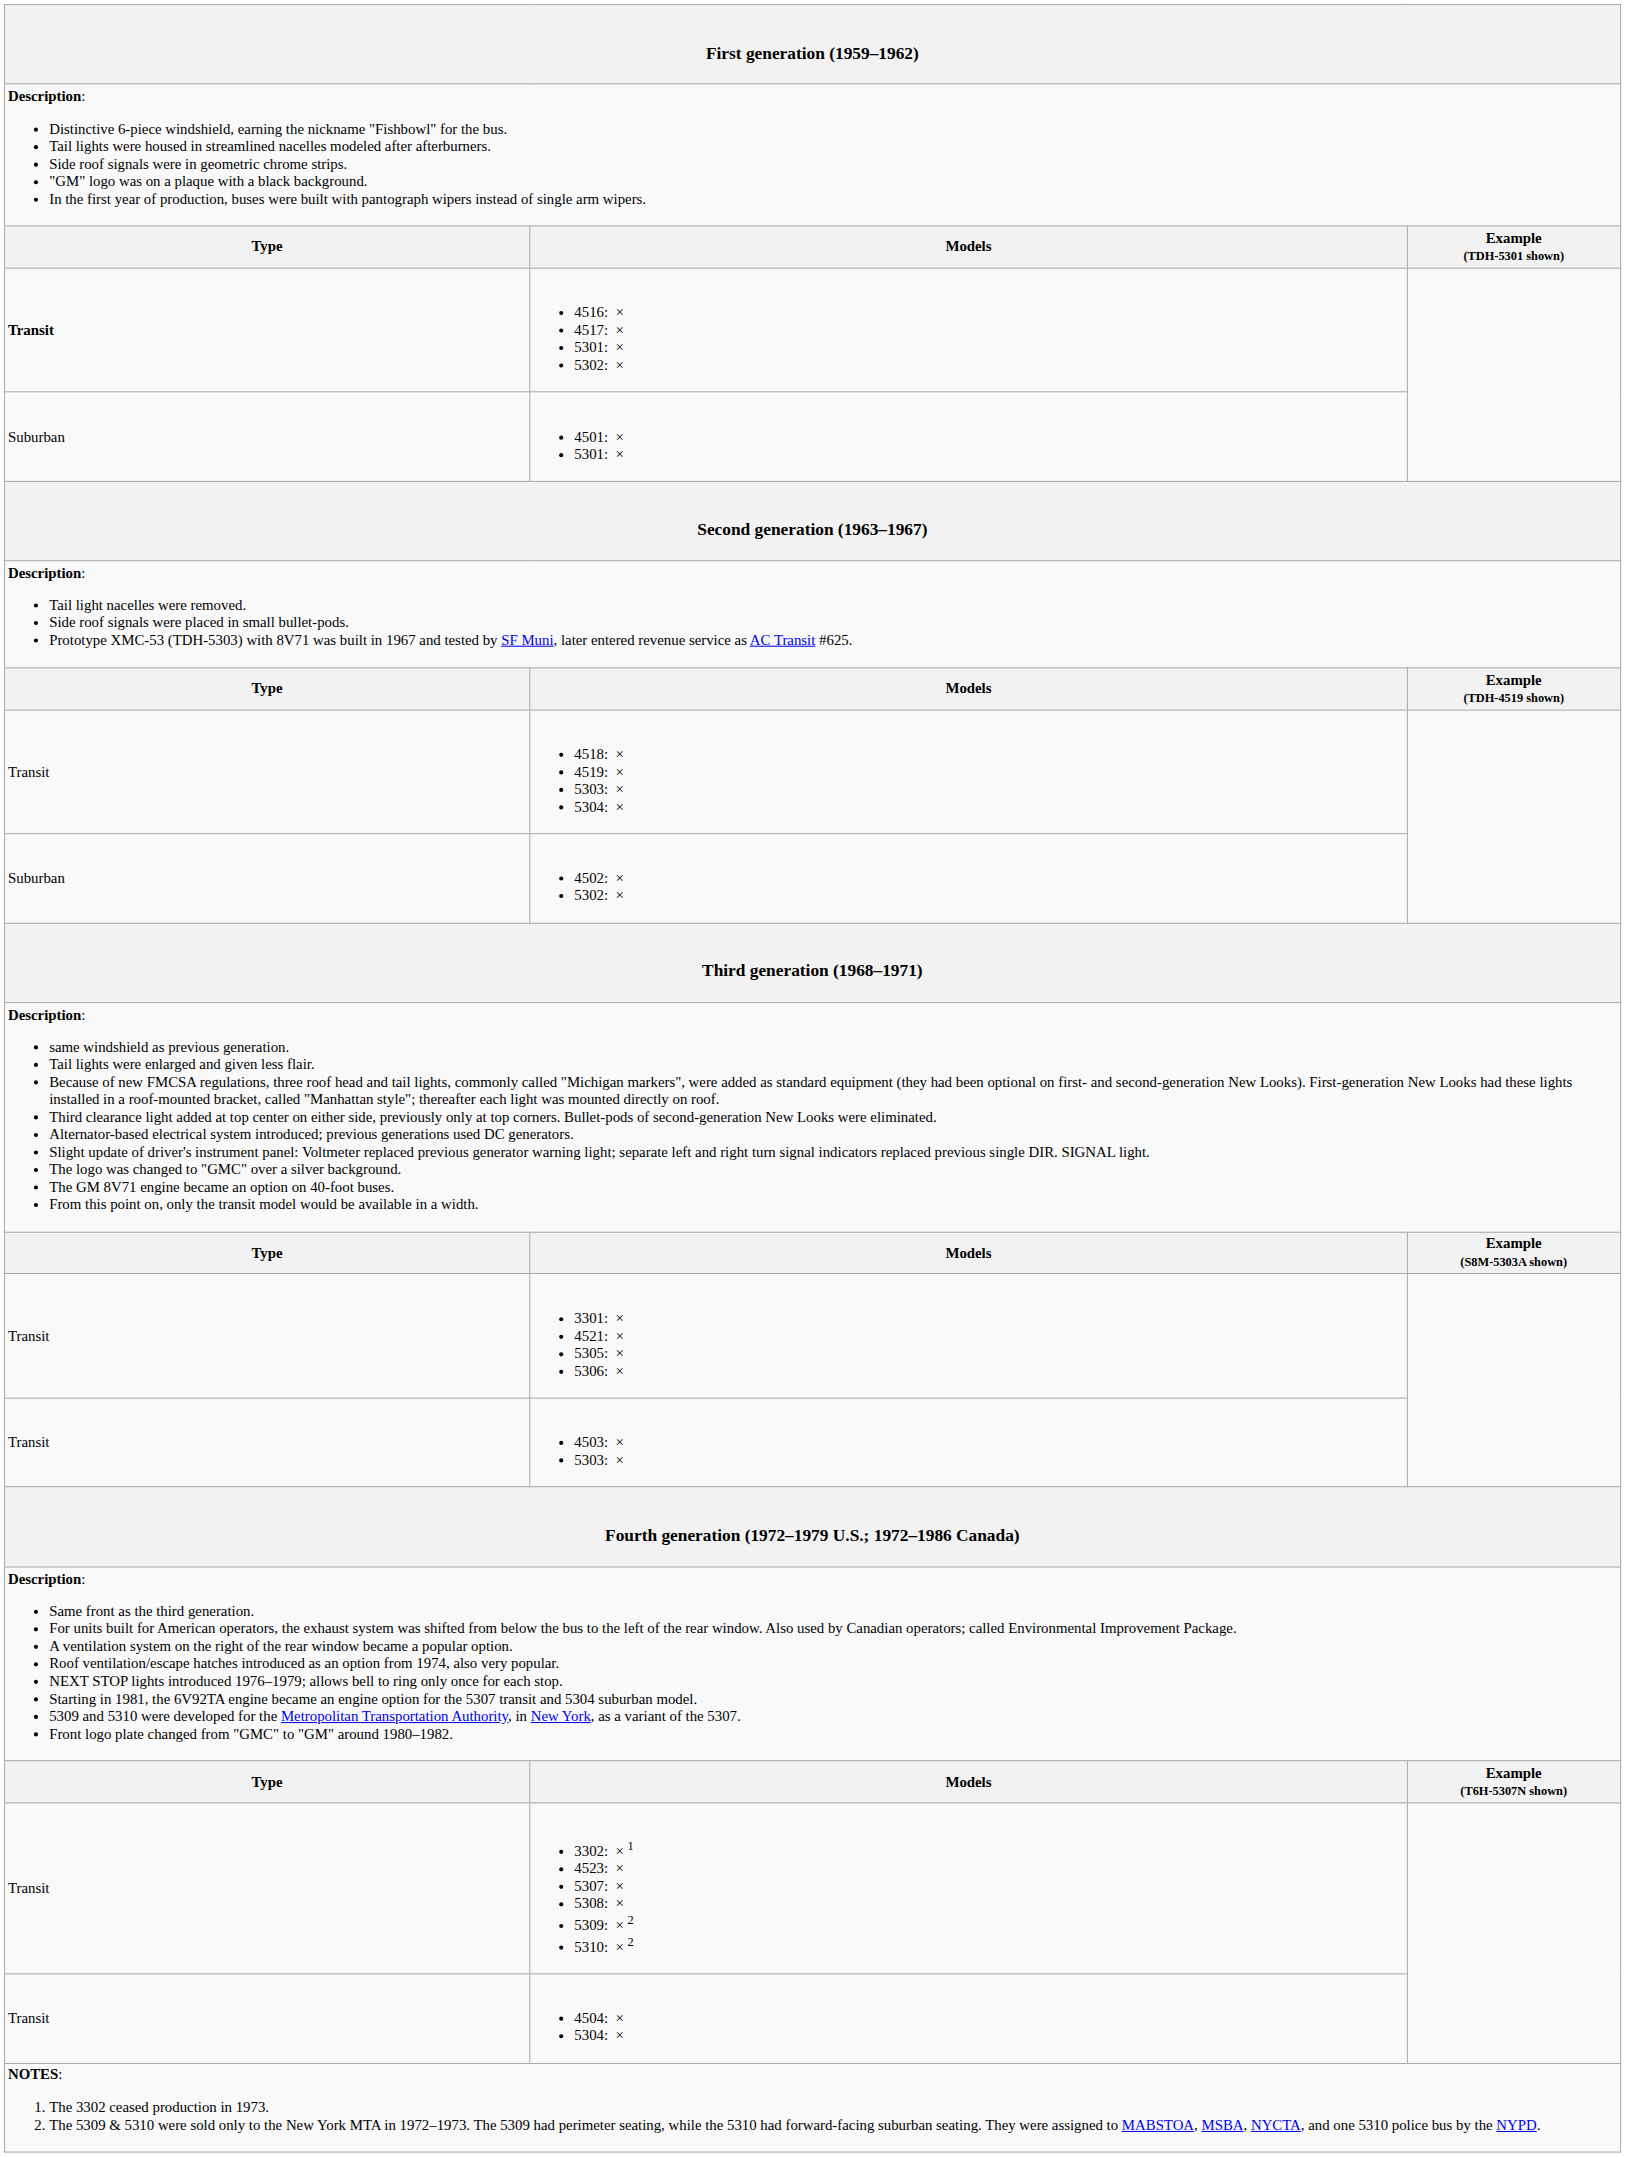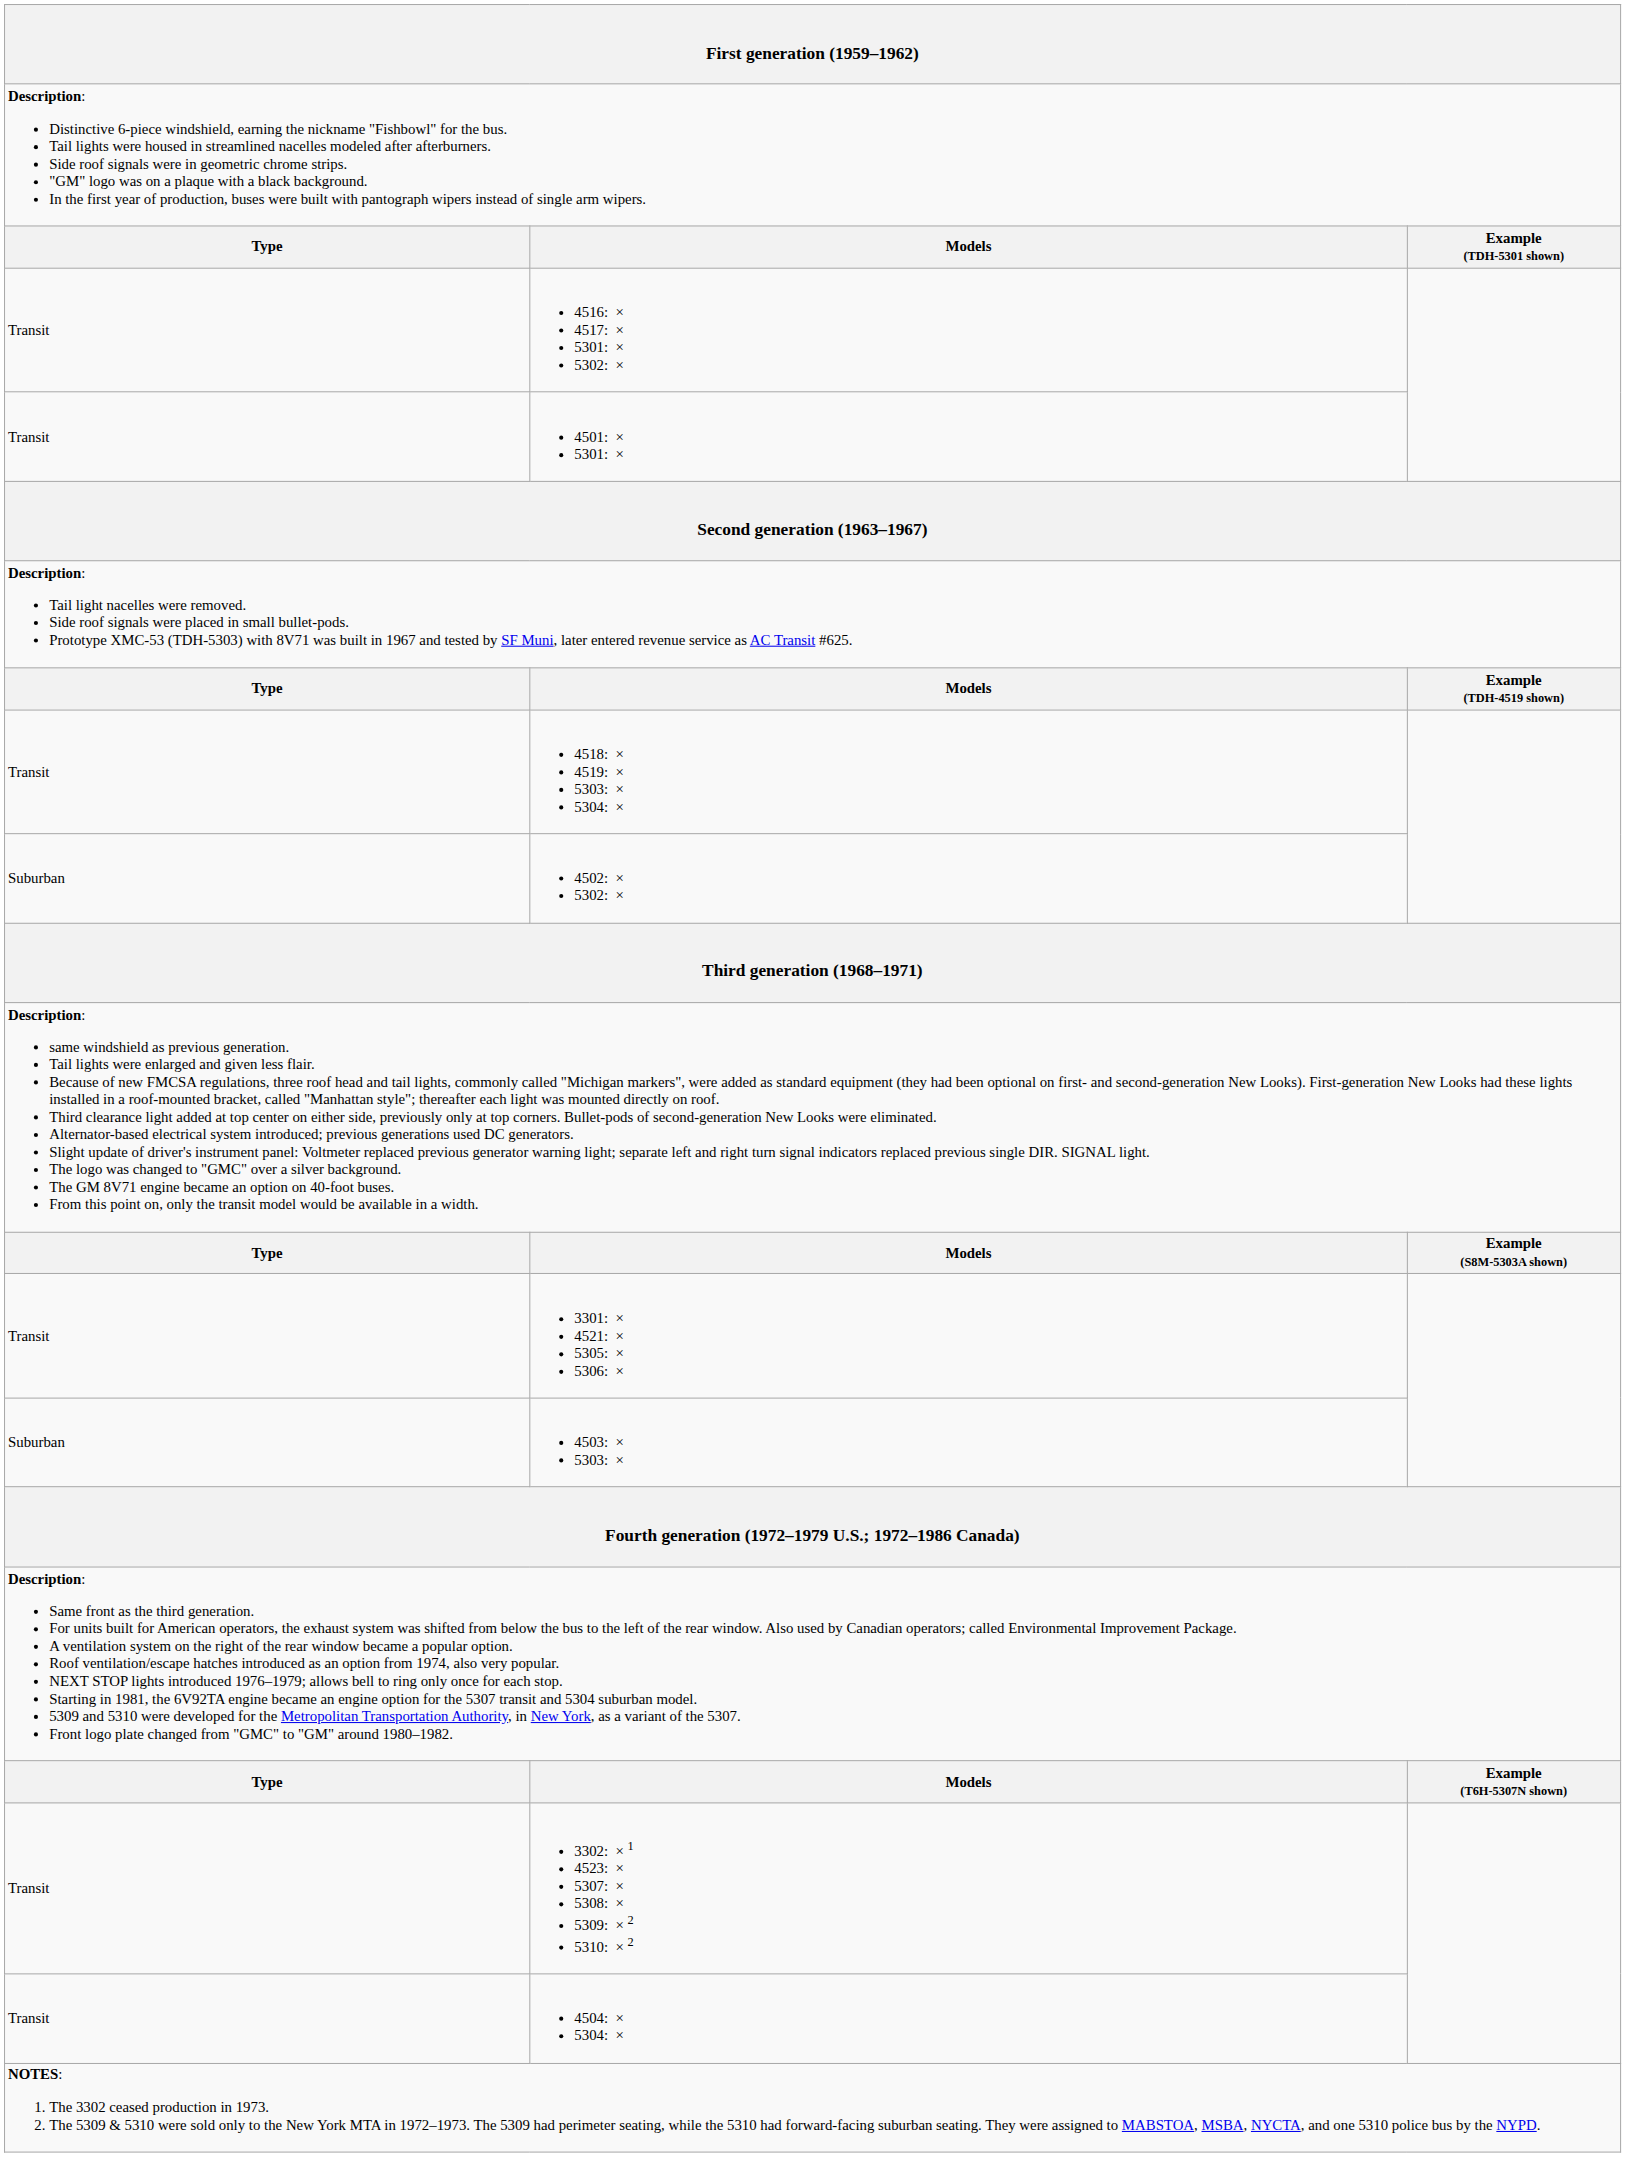 <table class="wikitable" style="font-size: 90%;" |>
 <tr>
 <th colspan=3><br><h3>First generation (1959–1962)</h3></th>
 </tr>
 <tr>
 <td colspan=3><strong>Description</strong>:<br><ul><li>Distinctive 6-piece windshield, earning the nickname "Fishbowl" for the bus.</li><li>Tail lights were housed in streamlined nacelles modeled after afterburners.</li><li>Side roof signals were in geometric chrome strips.</li><li>"GM" logo was on a plaque with a black background.</li><li>In the first year of production, buses were built with pantograph wipers instead of single arm wipers.</li></ul></td>
 </tr>
 <tr>
 <th>Type</th>
 <th>Models</th>
 <th width="200">Example<br><small>(TDH-5301 shown)</small></th>
 </tr>
 <tr>
-<td><strong>Transit</strong></td>
+<td>Transit</td>
 <td><br><ul><li>4516:  × </li><li>4517:  × </li><li>5301:  × </li><li>5302:  × </li></ul></td>
 <td rowspan=2></td>
 </tr>
 <tr>
-<td>Suburban</td>
+<td>Transit</td>
 <td><br><ul><li>4501:  × </li><li>5301:  × </li></ul></td>
 </tr>
 <tr>
 <th colspan=3><br><h3>Second generation (1963–1967)</h3></th>
 </tr>
 <tr>
 <td colspan=3><strong>Description</strong>:<br><ul><li>Tail light nacelles were removed.</li><li>Side roof signals were placed in small bullet-pods.</li><li>Prototype XMC-53 (TDH-5303) with 8V71 was built in 1967 and tested by <a href='#'>SF Muni</a>, later entered revenue service as <a href='#'>AC Transit</a> #625.</li></ul></td>
 </tr>
 <tr>
 <th>Type</th>
 <th>Models</th>
 <th width="200">Example<br><small>(TDH-4519 shown)</small></th>
 </tr>
 <tr>
 <td>Transit</td>
 <td><br><ul><li>4518:  × </li><li>4519:  × </li><li>5303:  × </li><li>5304:  × </li></ul></td>
 <td rowspan=2></td>
 </tr>
 <tr>
 <td>Suburban</td>
 <td><br><ul><li>4502:  × </li><li>5302:  × </li></ul></td>
 </tr>
 <tr>
 <th colspan=3><br><h3>Third generation (1968–1971)</h3></th>
 </tr>
 <tr>
 <td colspan=3><strong>Description</strong>:<br><ul><li>same windshield as previous generation.</li><li>Tail lights were enlarged and given less flair.</li><li>Because of new FMCSA regulations, three roof head and tail lights, commonly called "Michigan markers", were added as standard equipment (they had been optional on first- and second-generation New Looks). First-generation New Looks had these lights installed in a roof-mounted bracket, called "Manhattan style"; thereafter each light was mounted directly on roof.</li><li>Third clearance light added at top center on either side, previously only at top corners. Bullet-pods of second-generation New Looks were eliminated.</li><li>Alternator-based electrical system introduced; previous generations used DC generators.</li><li>Slight update of driver's instrument panel: Voltmeter replaced previous generator warning light; separate left and right turn signal indicators replaced previous single DIR. SIGNAL light.</li><li>The logo was changed to "GMC" over a silver background.</li><li>The GM 8V71 engine became an option on 40-foot buses.</li><li>From this point on, only the  transit model would be available in a  width.</li></ul></td>
 </tr>
 <tr>
 <th>Type</th>
 <th>Models</th>
 <th width="200">Example<br><small>(S8M-5303A shown)</small></th>
 </tr>
 <tr>
 <td>Transit</td>
 <td><br><ul><li>3301:  × </li><li>4521:  × </li><li>5305:  × </li><li>5306:  × </li></ul></td>
 <td rowspan=2></td>
 </tr>
 <tr>
-<td>Transit</td>
+<td>Suburban</td>
 <td><br><ul><li>4503:  × </li><li>5303:  × </li></ul></td>
 </tr>
 <tr>
 <th colspan=3><br><h3>Fourth generation (1972–1979 U.S.; 1972–1986 Canada)</h3></th>
 </tr>
 <tr>
 <td colspan=3><strong>Description</strong>:<br><ul><li>Same front as the third generation.</li><li>For units built for American operators, the exhaust system was shifted from below the bus to the left of the rear window. Also used by Canadian operators; called Environmental Improvement Package.</li><li>A ventilation system on the right of the rear window became a popular option.</li><li>Roof ventilation/escape hatches introduced as an option from 1974, also very popular.</li><li>NEXT STOP lights introduced 1976–1979; allows bell to ring only once for each stop.</li><li>Starting in 1981, the 6V92TA engine became an engine option for the 5307 transit and 5304 suburban model.</li><li>5309 and 5310 were developed for the <a href='#'>Metropolitan Transportation Authority</a>, in <a href='#'>New York</a>, as a variant of the 5307.</li><li>Front logo plate changed from "GMC" to "GM" around 1980–1982.</li></ul></td>
 </tr>
 <tr>
 <th>Type</th>
 <th>Models</th>
 <th width="200">Example<br><small>(T6H-5307N shown)</small></th>
 </tr>
 <tr>
 <td>Transit</td>
 <td><br><ul><li>3302:  × <sup>1</sup></li><li>4523:  × </li><li>5307:  × </li><li>5308:  × </li><li>5309:  × <sup>2</sup></li><li>5310:  × <sup>2</sup></li></ul></td>
 <td rowspan=2></td>
 </tr>
 <tr>
 <td>Transit</td>
 <td><br><ul><li>4504:  × </li><li>5304:  × </li></ul></td>
 </tr>
 <tr>
 <td colspan=6><strong>NOTES</strong>:<br><ol><li>The 3302 ceased production in 1973.</li><li>The 5309 & 5310 were sold only to the New York MTA in 1972–1973. The 5309 had perimeter seating, while the 5310 had forward-facing suburban seating. They were assigned to <a href='#'>MABSTOA</a>, <a href='#'>MSBA</a>, <a href='#'>NYCTA</a>, and one 5310 police bus by the <a href='#'>NYPD</a>.</li></ol></td>
 </tr>
 </table>
